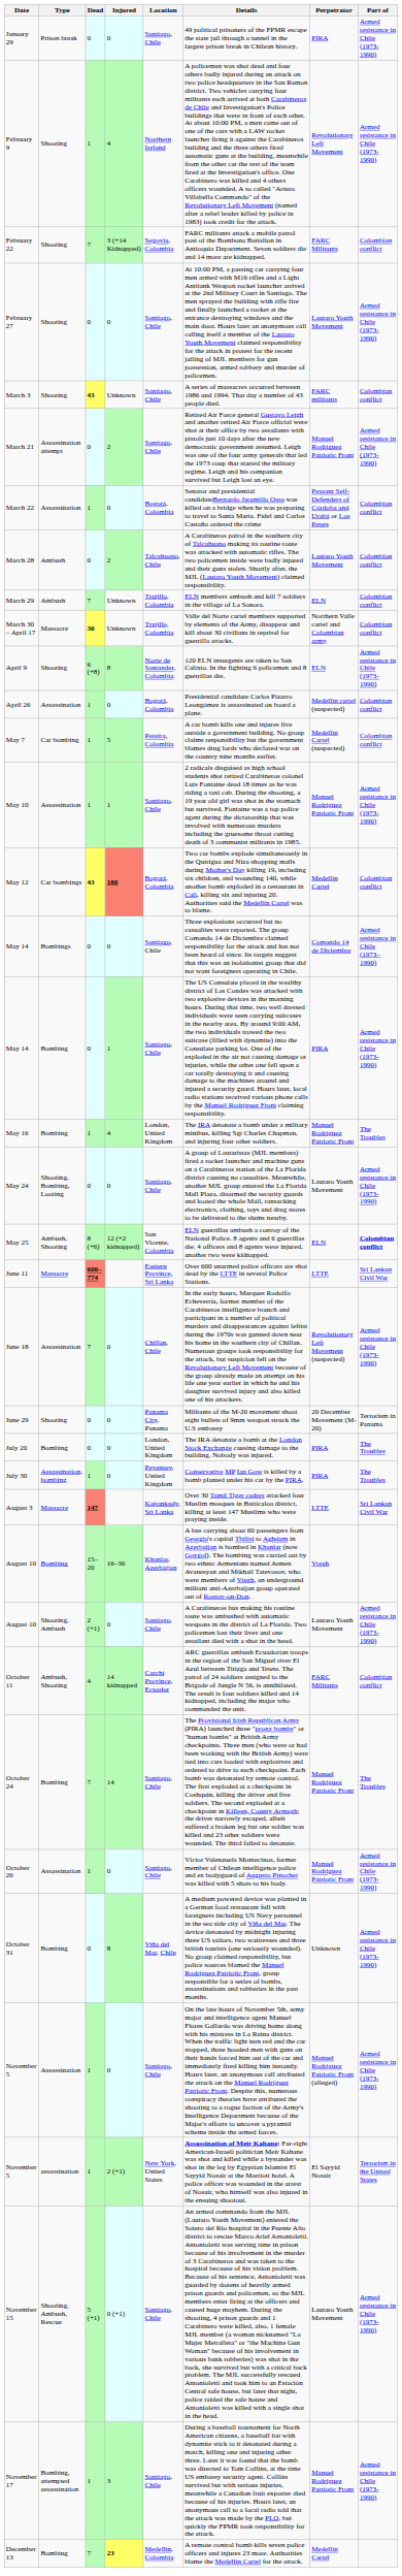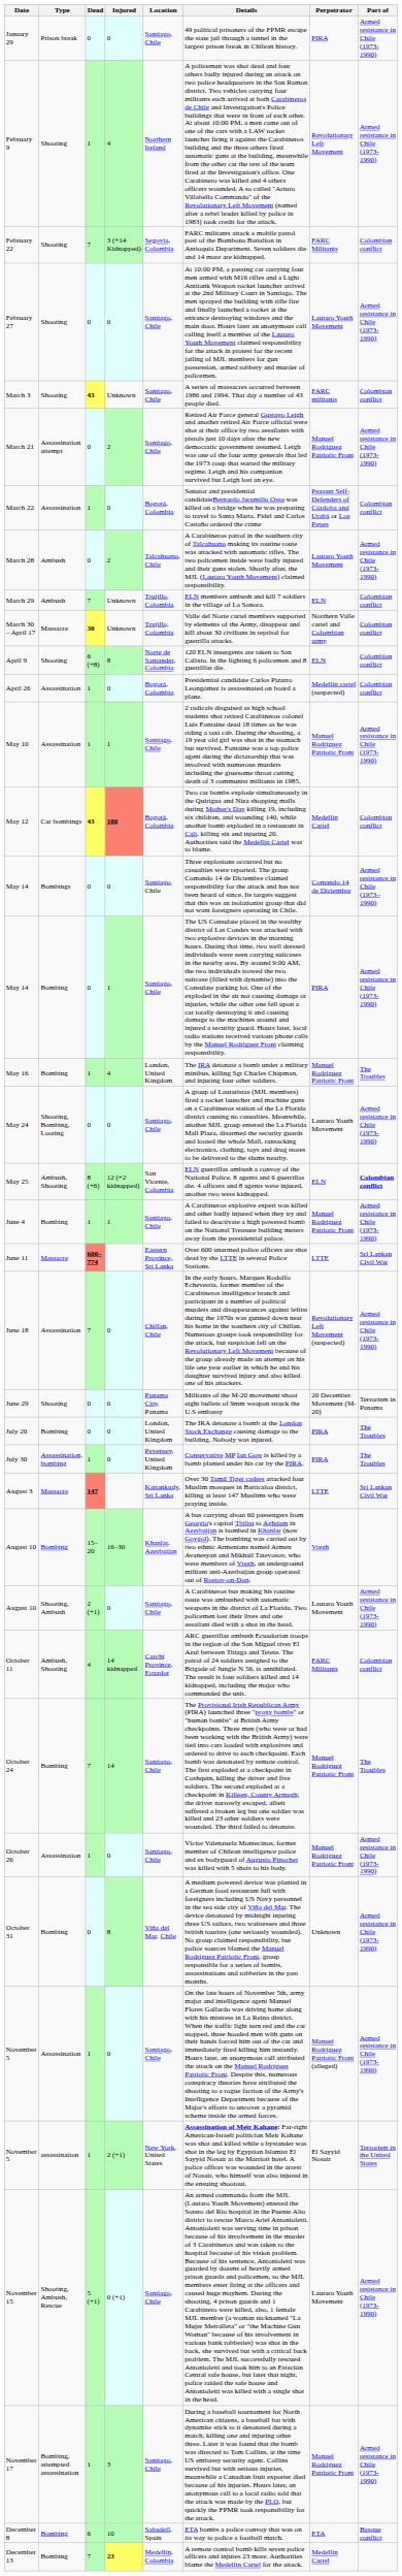 <table class="wikitable sortable">
 <tr>
 <th>Date</th>
 <th>Type</th>
 <th data-sort-type="number">Dead</th>
 <th data-sort-type="number">Injured</th>
 <th>Location</th>
 <th class="unsortable">Details</th>
 <th>Perpetrator</th>
 <th>Part of<br></th>
 </tr>
 <tr>
 <td>January 29</td>
 <td>Prison break</td>
 <td style="background:#E0FFFF;text-align:left">0</td>
 <td style="background:#E0FFFF;text-align:left">0</td>
 <td><a href='#'>Santiago</a>, <a href='#'>Chile</a></td>
 <td>49 political prisoners of the FPMR escape the state jail through a tunnel in the largest prison break in Chilean history.</td>
 <td><a href='#'>PIRA</a></td>
 <td><a href='#'>Armed resistance in Chile (1973-1990)</a></td>
 </tr>
 <tr>
 <td>February 9</td>
 <td>Shooting</td>
 <td style="background:#B6FCB6;text-align:left">1</td>
 <td style="background:#B6FCB6;text-align:left">4</td>
 <td><a href='#'>Northern Ireland</a></td>
 <td>A policeman was shot dead and four others badly injured during an attack on two police headquarters in the San Ramon district. Two vehicles carrying four militants each arrived at both <a href='#'>Carabineros de Chile</a> and Investigation's Police buildings that were in front of each other. At about 10:00 PM, a men came out of one of the cars with a LAW rocket launcher firing it against the Carabineros building and the three others fired automatic guns at the building, meanwhile from the other car the rest of the team fired at the Investigation's office. One Carabinero was killed and 4 others officers wounded. A so called "Arturo Villabella Commando" of the <a href='#'>Revolutionary Left Movement</a> (named after a rebel leader killed by police in 1983) took credit for the attack.</td>
 <td><a href='#'>Revolutionary Left Movement</a></td>
 <td><a href='#'>Armed resistance in Chile (1973-1990)</a></td>
 </tr>
 <tr>
 <td>February 22</td>
 <td>Shooting</td>
 <td style="background:#B6FCB6;text-align:left">7</td>
 <td style="background:#B6FCB6;text-align:left">3 (+14 Kidnapped)</td>
 <td><a href='#'>Segovia</a>, <a href='#'>Colombia</a></td>
 <td>FARC militants attack a mobile patrol post of the Bombona Battalion in Antioquia Department. Seven soldiers die and 14 more are kidnapped.</td>
 <td><a href='#'>FARC</a> <a href='#'>Militants</a></td>
 <td><a href='#'>Colombian conflict</a></td>
 </tr>
 <tr>
 <td>February 27</td>
 <td>Shooting</td>
 <td style="background:#E0FFFF;text-align:left">0</td>
 <td style="background:#E0FFFF;text-align:left">0</td>
 <td><a href='#'>Santiago</a>, <a href='#'>Chile</a></td>
 <td>At 10:00 PM, a passing car carrying four men armed with M16 rifles and a Light Antitank Weapon rocket launcher arrived at the 2nd Military Court in Santiago. The men sprayed the building with rifle fire and finally launched a rocket at the entrance destroying windows and the main door. Hours later an anonymous call calling itself a member of the <a href='#'>Lautaro Youth Movement</a> claimed responsibility for the attack in protest for the recent jailing of MJL members for gun possession, armed robbery and murder of policemen.</td>
 <td><a href='#'>Lautaro Youth Movement</a></td>
 <td><a href='#'>Armed resistance in Chile (1973-1990)</a></td>
 </tr>
 <tr>
 <td>March 3</td>
 <td>Shooting</td>
 <td style="background:#FFFF66;text-align:left"><strong>43</strong></td>
 <td>Unknown</td>
 <td><a href='#'>Santiago</a>, <a href='#'>Chile</a></td>
 <td>A series of massacres occurred between 1986 and 1994. That day a number of 43 people died.</td>
 <td><a href='#'>FARC</a> <a href='#'>militants</a></td>
 <td><a href='#'>Colombian conflict</a></td>
 </tr>
 <tr>
 <td>March 21</td>
 <td>Assassination attempt</td>
 <td style="background:#E0FFFF;text-align:left">0</td>
 <td style="background:#B6FCB6;text-align:left">2</td>
 <td><a href='#'>Santiago</a>, <a href='#'>Chile</a></td>
 <td>Retired Air Force general <a href='#'>Gustavo Leigh</a> and another retired Air Force official were shot at their office by two assailants with pistols just 10 days after the new democratic government assumed. Leigh was one of the four army generals that led the 1973 coup that started the military regime. Leigh and his companion survived but Leigh lost an eye.</td>
 <td><a href='#'>Manuel Rodríguez Patriotic Front</a></td>
 <td><a href='#'>Armed resistance in Chile (1973-1990)</a></td>
 </tr>
 <tr>
 <td>March 22</td>
 <td>Assassination</td>
 <td style="background:#B6FCB6;text-align:left">1</td>
 <td style="background:#E0FFFF;text-align:left">0</td>
 <td><a href='#'>Bogotá</a>, <a href='#'>Colombia</a></td>
 <td>Senator and presidential candidate<a href='#'>Bernardo Jaramillo Ossa</a> was killed on a bridge when he was preparing to travel to Santa Marta. Fidel and Carlos Castaño ordered the crime</td>
 <td><a href='#'>Peasant Self-Defenders of Córdoba and Urabá</a> or <a href='#'>Los Pepes</a></td>
 <td><a href='#'>Colombian conflict</a></td>
 </tr>
 <tr>
 <td>March 28</td>
 <td>Ambush</td>
 <td style="background:#E0FFFF;text-align:left">0</td>
 <td style="background:#B6FCB6;text-align:left">2</td>
 <td><a href='#'>Talcahuano</a>, <a href='#'>Chile</a></td>
 <td>A Carabineros patrol in the southern city of <a href='#'>Talcahuano</a> making its routine route was attacked with automatic rifles. The two policemen inside were badly injured and their guns stolen. Shortly after, the MJL (<a href='#'>Lautaro Youth Movement</a>) claimed responsibility.</td>
 <td><a href='#'>Lautaro Youth Movement</a></td>
-<td><a href='#'>Colombian conflict</a></td>
+<td><a href='#'>Armed resistance in Chile (1973-1990)</a></td>
 </tr>
 <tr>
 <td>March 29</td>
 <td>Ambush</td>
 <td style="background:#B6FCB6;text-align:left">7</td>
 <td>Unknown</td>
 <td><a href='#'>Trujillo, Colombia</a></td>
 <td><a href='#'>ELN</a> members ambush and kill 7 soldiers in the village of La Sonora.</td>
 <td><a href='#'>ELN</a></td>
 <td><a href='#'>Colombian conflict</a></td>
 </tr>
 <tr>
 <td>March 30 – April  17</td>
 <td>Massacre</td>
 <td style="background:#FFFF66;text-align:left"><strong>30</strong></td>
 <td>Unknown</td>
 <td><a href='#'>Trujillo, Colombia</a></td>
 <td>Valle del Norte cartel members supported by elements of the Army, disappear and kill about 30 civilians in reprisal for guerrilla attacks.</td>
 <td>Northern Valle cartel and <a href='#'>Colombian army</a></td>
 <td><a href='#'>Colombian conflict</a></td>
 </tr>
 <tr>
 <td>April 9</td>
 <td>Shooting</td>
 <td style="background:#B6FCB6;text-align:left">6 (+8)</td>
 <td style="background:#B6FCB6;text-align:left">8</td>
 <td><a href='#'>Norte de Santander</a>, <a href='#'>Colombia</a></td>
 <td>120 ELN insurgents are taken to San Calixto. In the fighting 6 policemen and 8 guerrillas die.</td>
 <td><a href='#'>ELN</a></td>
-<td><a href='#'>Armed resistance in Chile (1973-1990)</a></td>
+<td><a href='#'>Colombian conflict</a></td>
 </tr>
 <tr>
 <td>April 26</td>
 <td>Assassination</td>
 <td style="background:#B6FCB6;text-align:left">1</td>
 <td style="background:#E0FFFF;text-align:left">0</td>
 <td><a href='#'>Bogotá</a>, <a href='#'>Colombia</a></td>
 <td>Presidential candidate Carlos Pizarro Leongómez is assassinated on board a plane.</td>
 <td><a href='#'>Medellín cartel</a> (suspected)</td>
-<td><a href='#'>Colombian conflict</a></td>
-</tr>
-<tr>
-<td>May 7</td>
-<td>Car bombing</td>
-<td style="background:#B6FCB6;text-align:left">1</td>
-<td style="background:#B6FCB6;text-align:left">5</td>
-<td><a href='#'>Pereira, Colombia</a></td>
-<td>A car bomb kills one and injures five outside a government building. No group claims responsibility but the government blames drug lords who declared war on the country nine months earlier.</td>
-<td><a href='#'>Medellín Cartel</a> (suspected)</td>
 <td><a href='#'>Colombian conflict</a></td>
 </tr>
 <tr>
 <td>May 10</td>
 <td>Assassination</td>
 <td style="background:#B6FCB6;text-align:left">1</td>
 <td style="background:#B6FCB6;text-align:left">1</td>
 <td><a href='#'>Santiago</a>, <a href='#'>Chile</a></td>
 <td>2 radicals disguised as high school students shot retired Carabineros colonel Luis Fontaine dead 18 times as he was riding a taxi cab. During the shooting, a 19 year old girl was shot in the stomach but survived. Fontaine was a top police agent during the dictatorship that was involved with numerous murders including the gruesome throat cutting death of 3 communist militants in 1985.</td>
 <td><a href='#'>Manuel Rodríguez Patriotic Front</a></td>
 <td><a href='#'>Armed resistance in Chile (1973-1990)</a></td>
 </tr>
 <tr>
 <td>May 12</td>
 <td>Car bombings</td>
 <td style="background:#FFFF66;text-align:left"><strong>43</strong></td>
 <td style="background:#FA8072;text-align:left"><strong><u>180</u></strong></td>
 <td><a href='#'>Bogotá</a>, <a href='#'>Colombia</a></td>
 <td>Two car bombs explode simultaneously in the Quirigua and Niza shopping malls during <a href='#'>Mother's Day</a> killing 19, including six children, and wounding 140, while another bomb exploded in a restaurant in <a href='#'>Cali</a>, killing six and injuring 20. Authorities said the <a href='#'>Medellín Cartel</a> was to blame.</td>
 <td><a href='#'>Medellín Cartel</a></td>
 <td><a href='#'>Colombian conflict</a></td>
 </tr>
 <tr>
 <td>May 14</td>
 <td>Bombings</td>
 <td style="background:#E0FFFF;text-align:left">0</td>
 <td style="background:#E0FFFF;text-align:left">0</td>
 <td><a href='#'>Santiago</a>, Chile</td>
 <td>Three explosions occurred but no casualties were reported. The group Comando 14 de Diciembre claimed responsibility for the attack and has not been heard of since. Its targets suggest that this was an isolationist group that did not want foreigners operating in Chile.</td>
 <td><a href='#'>Comando 14 de Diciembre</a></td>
 <td><a href='#'>Armed resistance in Chile (1973–1990)</a></td>
 </tr>
 <tr>
 <td>May 14</td>
 <td>Bombing</td>
 <td style="background:#E0FFFF;text-align:left">0</td>
 <td style="background:#B6FCB6;text-align:left">1</td>
 <td><a href='#'>Santiago</a>, <a href='#'>Chile</a></td>
 <td>The US Consulate placed in the wealthy district of Las Condes was attacked with two explosive devices in the morning hours. During that time, two well dressed individuals were seen carrying suitcases in the nearby area. By around 9:00 AM, the two individuals trowed the two suitcase (filled with dynamite) into the Consulate parking lot. One of the exploded in the air not causing damage or injuries, while the other one fell upon a car totally destroying it and causing damage to the machines around and injured a security guard. Hours later, local radio stations received various phone calls by the <a href='#'>Manuel Rodríguez Front</a> claiming responsibility.</td>
 <td><a href='#'>PIRA</a></td>
 <td><a href='#'>Armed resistance in Chile (1973-1990)</a></td>
 </tr>
 <tr>
 <td>May 16</td>
 <td>Bombing</td>
 <td style="background:#B6FCB6;text-align:left">1</td>
 <td style="background:#B6FCB6;text-align:left">4</td>
 <td>London, United Kingdom</td>
 <td>The <a href='#'>IRA</a> detonate a bomb under a military minibus, killing Sgt Charles Chapman, and injuring four other soldiers.</td>
 <td><a href='#'>Manuel Rodríguez Patriotic Front</a></td>
 <td><a href='#'>The Troubles</a></td>
 </tr>
 <tr>
 <td>May 24</td>
 <td>Shooting, Bombing, Looting</td>
 <td style="background:#E0FFFF;text-align:left">0</td>
 <td style="background:#E0FFFF;text-align:left">0</td>
 <td><a href='#'>Santiago</a>, <a href='#'>Chile</a></td>
 <td>A group of Lautaristas (MJL members) fired a rocket launcher and machine guns on a Carabineros station of the La Florida district causing no casualties. Meanwhile, another MJL group entered the La Florida Mall Plaza, disarmed the security guards and looted the whole Mall, ransacking electronics, clothing, toys and drug stores to be delivered to the slums nearby.</td>
 <td>Lautaro Youth Movement</td>
 <td><a href='#'>Armed resistance in Chile (1973-1990)</a></td>
 </tr>
 <tr>
 <td>May 25</td>
 <td>Ambush, Shooting</td>
 <td style="background:#B6FCB6;text-align:left">8 (+6)</td>
 <td style="background:#B6FCB6;text-align:left">12 (+2 kidnapped)</td>
 <td>San Vicente, <a href='#'>Colombia</a></td>
 <td><a href='#'>ELN</a> guerrillas ambush a convoy of the National Police. 8 agents and 6 guerrillas die. 4 officers and 8 agents were injured, another two were kidnapped.</td>
 <td><a href='#'>ELN</a></td>
 <td><strong><a href='#'>Colombian conflict</a></strong></td>
+</tr>
+<tr>
+<td>June 4</td>
+<td>Bombing</td>
+<td style="background:#B6FCB6;text-align:left">1</td>
+<td style="background:#B6FCB6;text-align:left">1</td>
+<td><a href='#'>Santiago</a>, <a href='#'>Chile</a></td>
+<td>A Carabineros explosive expert was killed and other badly injured when they try and failed to deactivate a high powered bomb on the National Treasure building meters away from the presidential palace.</td>
+<td><a href='#'>Manuel Rodríguez Patriotic Front</a></td>
+<td><a href='#'>Armed resistance in Chile (1973-1990)</a></td>
 </tr>
 <tr>
 <td>June 11</td>
 <td><a href='#'>Massacre</a></td>
 <td style="background:#FA8072;text-align:left"><strong><u>600–774</u></strong></td>
 <td></td>
 <td><a href='#'>Eastern Province, Sri Lanka</a></td>
 <td>Over 600 unarmed police officers are shot dead by the <a href='#'>LTTE</a> in several Police Stations.</td>
 <td><a href='#'>LTTE</a></td>
 <td><a href='#'>Sri Lankan Civil War</a></td>
 </tr>
 <tr>
 <td>June 18</td>
 <td>Assassination</td>
 <td style="background:#B6FCB6;text-align:left">7</td>
 <td style="background:#E0FFFF;text-align:left">0</td>
 <td><a href='#'>Chillan</a>, <a href='#'>Chile</a></td>
 <td>In the early hours, Marques Rodolfo Echeverría, former member of the Carabineros intelligence branch and participant in a number of political murders and disappearances against leftist during the 1970s was gunned down near his home in the southern city of Chillan. Numerous groups took responsibility for the attack, but suspicion fell on the <a href='#'>Revolutionary Left Movement</a> because of the group already made an attempt on his life one year earlier in which he and his daughter survived injury and also killed one of his attackers.</td>
 <td><a href='#'>Revolutionary Left Movement</a> (suspected)</td>
 <td><a href='#'>Armed resistance in Chile (1973-1990)</a></td>
 </tr>
 <tr>
 <td>June 29</td>
 <td>Shooting</td>
 <td style="background:#E0FFFF;text-align:left">0</td>
 <td style="background:#E0FFFF;text-align:left">0</td>
 <td><a href='#'>Panama City</a>, Panama</td>
 <td>Militants of the M-20 movement shoot eight bullets of 9mm weapon struck the U.S embassy</td>
 <td>20 December Movement (M-20)</td>
 <td>Terrorism in Panama</td>
 </tr>
 <tr>
 <td>July 20</td>
 <td>Bombing</td>
 <td style="background:#E0FFFF;text-align:left">0</td>
 <td style="background:#E0FFFF;text-align:left">0</td>
 <td>London, United Kingdom</td>
 <td>The IRA detonate a bomb at the <a href='#'>London Stock Exchange</a> causing damage to the building. Nobody was injured.</td>
 <td><a href='#'>PIRA</a></td>
 <td><a href='#'>The Troubles</a></td>
 </tr>
 <tr>
 <td>July 30</td>
 <td><a href='#'>Assassination, bombing</a></td>
 <td style="background:#B6FCB6;text-align:left">1</td>
 <td style="background:#E0FFFF;text-align:left">0</td>
 <td><a href='#'>Pevensey</a>, United Kingdom</td>
 <td><a href='#'>Conservative</a> <a href='#'>MP</a> <a href='#'>Ian Gow</a> is killed by a bomb planted under his car by the <a href='#'>PIRA</a>.</td>
 <td><a href='#'>PIRA</a></td>
 <td><a href='#'>The Troubles</a></td>
 </tr>
 <tr>
 <td>August 3</td>
 <td><a href='#'>Massacre</a></td>
 <td style="background:#FA8072;text-align:left"><strong><u>147</u></strong></td>
 <td></td>
 <td><a href='#'>Kattankudy</a>, <a href='#'>Sri Lanka</a></td>
 <td>Over 30 <a href='#'>Tamil Tiger cadres</a> attacked four Muslim mosques in Batticaloa district, killing at least 147 Muslims who were praying inside.</td>
 <td><a href='#'>LTTE</a></td>
 <td><a href='#'>Sri Lankan Civil War</a></td>
 </tr>
 <tr>
 <td>August 10</td>
 <td><a href='#'>Bombing</a></td>
 <td style="background:#B6FCB6;text-align:left">15–20</td>
 <td style="background:#B6FCB6;text-align:left">16–30</td>
 <td><a href='#'>Khanlar</a>, <a href='#'>Azerbaijan</a></td>
 <td>A bus carrying about 60 passengers from <a href='#'>Georgia</a>'s capital <a href='#'>Tbilisi</a> to <a href='#'>Aghdam</a> in <a href='#'>Azerbaijan</a> is bombed in <a href='#'>Khanlar</a> (now <a href='#'>Goygol</a>). The bombing was carried out by two ethnic Armenians named Armen Avanesyan and Mikhail Tatevosov, who were members of <a href='#'>Vrezh</a>, an underground militant anti-Azerbaijan group operated out of <a href='#'>Rostov-on-Don</a>.</td>
 <td><a href='#'>Vrezh</a></td>
 </tr>
 <tr>
 <td>August 10</td>
 <td>Shooting, Ambush</td>
 <td style="background:#B6FCB6;text-align:left">2 (+1)</td>
 <td style="background:#E0FFFF;text-align:left">0</td>
 <td><a href='#'>Santiago</a>, <a href='#'>Chile</a></td>
 <td>A Carabineros bus making his routine route was ambushed with automatic weapons in the district of La Florida. Two policemen lost their lives and one assailant died with a shot in the head.</td>
 <td>Lautaro Youth Movement</td>
 <td><a href='#'>Armed resistance in Chile (1973-1990)</a></td>
 </tr>
 <tr>
 <td>October 11</td>
 <td>Ambush, Shooting</td>
 <td style="background:#B6FCB6;text-align:left">4</td>
 <td style="background:#B6FCB6;text-align:left">14 kidnapped</td>
 <td><a href='#'>Carchi Province</a>, <a href='#'>Ecuador</a></td>
 <td>ARC guerrillas ambush Ecuadorian troops in the region of the San Miguel river El Azul between Titizga and Tetete. The patrol of 24 soldiers assigned to the Brigade of Jungle N 56, is annihilated. The result is four soldiers killed and 14 kidnapped, including the major who commanded the unit.</td>
 <td><a href='#'>FARC</a> <a href='#'>Militants</a></td>
 <td><a href='#'>Colombian conflict</a></td>
 </tr>
 <tr>
 <td>October 24</td>
 <td>Bombing</td>
 <td style="background:#B6FCB6;text-align:left">7</td>
 <td style="background:#B6FCB6;text-align:left">14</td>
 <td><a href='#'>Santiago</a>, <a href='#'>Chile</a></td>
 <td>The <a href='#'>Provisional Irish Republican Army</a> (PIRA) launched three "<a href='#'>proxy bombs</a>" or "human bombs" at British Army checkpoints. Three men (who were or had been working with the British Army) were tied into cars loaded with explosives and ordered to drive to each checkpoint. Each bomb was detonated by remote control. The first exploded at a checkpoint in Coshquin, killing the driver and five soldiers. The second exploded at a checkpoint in <a href='#'>Killeen, County Armagh</a>; the driver narrowly escaped, albeit suffered a broken leg but one soldier was killed and 23 other soldiers were wounded. The third failed to detonate.</td>
 <td><a href='#'>Manuel Rodríguez Patriotic Front</a></td>
 <td><a href='#'>The Troubles</a></td>
 </tr>
 <tr>
 <td>October 26</td>
 <td>Assassination</td>
 <td style="background:#B6FCB6;text-align:left">1</td>
 <td style="background:#E0FFFF;text-align:left">0</td>
 <td><a href='#'>Santiago</a>, <a href='#'>Chile</a></td>
 <td>Víctor Valenzuela Montecinos, former member of Chilean intelligence police and ex bodyguard of <a href='#'>Augusto Pinochet</a> was killed with 5 shots to his body.</td>
 <td><a href='#'>Manuel Rodríguez Patriotic Front</a></td>
 <td><a href='#'>Armed resistance in Chile (1973-1990)</a></td>
 </tr>
 <tr>
 <td>October 31</td>
 <td>Bombing</td>
 <td style="background:#E0FFFF;text-align:left">0</td>
 <td style="background:#B6FCB6;text-align:left">8</td>
 <td><a href='#'>Viña del Mar</a>, <a href='#'>Chile</a></td>
 <td>A medium powered device was planted in a German food restaurant full with foreigners including US Navy personnel in the sea side city of <a href='#'>Viña del Mar</a>. The device detonated by midnight injuring three US sailors, two waitresses and three british tourists (one seriously wounded). No group claimed responsibility, but police sources blamed the <a href='#'>Manuel Rodríguez Patriotic Front</a>, group responsible for a series of bombs, assassinations and robberies in the past months.</td>
 <td>Unknown</td>
 <td><a href='#'>Armed resistance in Chile (1973-1990)</a></td>
 </tr>
 <tr>
 <td>November 5</td>
 <td>Assassination</td>
 <td style="background:#B6FCB6;text-align:left">1</td>
 <td style="background:#E0FFFF;text-align:left">0</td>
 <td><a href='#'>Santiago</a>, <a href='#'>Chile</a></td>
 <td>On the late hours of November 5th, army major and intelligence agent Manuel Flores Gallardo was driving home along with his mistress in La Reina district. When the traffic light turn red and the car stopped, three hooded men with guns on their hands forced him out of the car and immediately fired killing him instantly. Hours later, an anonymous call attributed the attack on the <a href='#'>Manuel Rodríguez Patriotic Front</a>. Despite this, numerous conspiracy theories have attributed the shooting to a rogue faction of the Army's Intelligence Department because of the Major's efforts to uncover a pyramid scheme inside the armed forces.</td>
 <td><a href='#'>Manuel Rodríguez Patriotic Front</a> (alleged)</td>
 <td><a href='#'>Armed resistance in Chile (1973-1990)</a></td>
 </tr>
 <tr>
 <td>November 5</td>
 <td>assassination</td>
 <td style="background:#B6FCB6;text-align:left">1</td>
 <td style="background:#B6FCB6;text-align:left">2 (+1)</td>
 <td><a href='#'>New York</a>, United States</td>
 <td><strong><a href='#'>Assassination of Meir Kahane</a>:</strong> Far-right American-Israeli politician Meir Kahane was shot and killed while a bystander was shot in the leg by Egyptian Islamist El Sayyid Nosair at the Marriott hotel. A police officer was wounded in the arrest of Nosair, who himself was also injured in the ensuing shootout.</td>
 <td>El Sayyid Nosair</td>
 <td><a href='#'>Terrorism in the United States</a></td>
 </tr>
 <tr>
 <td>November 15</td>
 <td>Shooting, Ambush, Rescue</td>
 <td style="background:#B6FCB6;text-align:left">5 (+1)</td>
 <td style="background:#E0FFFF;text-align:left">0 (+1)</td>
 <td><a href='#'>Santiago</a>, <a href='#'>Chile</a></td>
 <td>An armed commando from the MJL (Lautaro Youth Movement) entered the Sotero del Río hospital in the Puente Alto district to rescue Marco Ariel Antonioletti. Antonioletti was serving time in prison because of his involvement in the murder of 3 Carabineros and was taken to the hospital because of his vision problem. Because of his sentence, Antonioletti was guarded by dozens of heavily armed prison guards and policemen, so the MJL members enter firing at the officers and caused huge mayhem. During the shooting, 4 prison guards and 1 Carabinero were killed, also, 1 female MJL member (a woman nicknamed "La Mujer Metralleta" or "the Machine Gun Woman" because of his involvement in various bank robberies) was shot in the back, she survived but with a critical back problem. The MJL successfully rescued Antonioletti and took him to an Estación Central safe house, but later that night, police raided the safe house and Antonioletti was killed with a single shot in the head.</td>
 <td>Lautaro Youth Movement</td>
 <td><a href='#'>Armed resistance in Chile (1973-1990)</a></td>
 </tr>
 <tr>
 <td>November 17</td>
 <td>Bombing, attempted assassination</td>
 <td style="background:#B6FCB6;text-align:left">1</td>
 <td style="background:#B6FCB6;text-align:left">3</td>
 <td><a href='#'>Santiago</a>, <a href='#'>Chile</a></td>
 <td>During a baseball tournament for North American citizens, a baseball bat with dynamite stick to it detonated during a match, killing one and injuring other three. Later it was found that the bomb was directed to Tom Collins, at the time US embassy security agent. Collins survived but with serious injuries, meanwhile a Canadian fruit exporter died because of his injuries. Hours later, an anonymous call to a local radio told that the attack was made by the <a href='#'>PLO</a>, but quickly the FPMR took responsibility for the attack.</td>
 <td><a href='#'>Manuel Rodríguez Patriotic Front</a></td>
 <td><a href='#'>Armed resistance in Chile (1973-1990)</a></td>
 </tr>
 <tr>
+<td>December 8</td>
+<td><a href='#'>Bombing</a></td>
+<td style="background:#B6FCB6;text-align:left">6</td>
+<td style="background:#B6FCB6;text-align:left">10</td>
+<td><a href='#'>Sabadell</a>, Spain</td>
+<td><a href='#'>ETA</a> bombs a police convoy that was on its way to police a football match.</td>
+<td><a href='#'>ETA</a></td>
+<td><a href='#'>Basque conflict</a></td>
+</tr>
+<tr>
 <td>December 13</td>
 <td>Bombing</td>
 <td style="background:#B6FCB6;text-align:left">7</td>
 <td style="background:#FFFF66;text-align:left"><strong>23</strong></td>
 <td><a href='#'>Medellín</a>, <a href='#'>Colombia</a></td>
 <td>A remote control bomb kills seven police officers and injures 23 more. Authorities blame the <a href='#'>Medellín Cartel</a> for the attack.</td>
 <td><a href='#'>Medellín Cartel</a></td>
 <td></td>
 </tr>
 </table>
